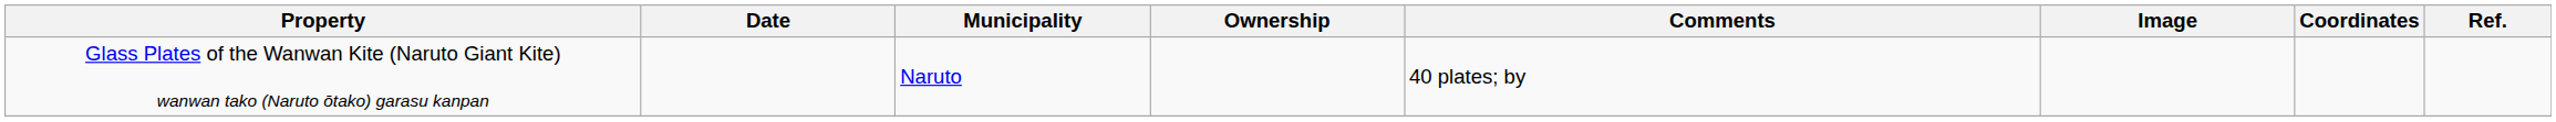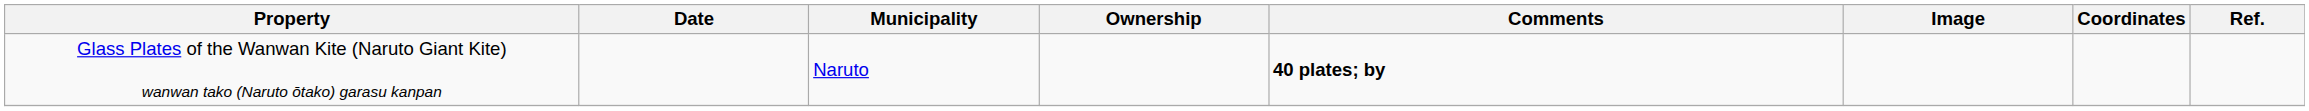 <table class="wikitable sortable"  style="width:100%;">
 <tr>
 <th width="25%" align="left">Property</th>
 <th width="10%" align="left">Date</th>
 <th width="10%" align="left">Municipality</th>
 <th width="10%" align="left">Ownership</th>
 <th width="25%" align="left" class="unsortable">Comments</th>
 <th width="10%" align="left" class="unsortable">Image</th>
 <th width="5%" align="left" class="unsortable">Coordinates</th>
 <th width="5%" align="left" class="unsortable">Ref.</th>
 </tr>
 <tr>
 <td align="center"><a href='#'>Glass Plates</a> of the Wanwan Kite (Naruto Giant Kite)<br><br><small><em>wanwan tako (Naruto ōtako) garasu kanpan</em></small></td>
 <td></td>
 <td><a href='#'>Naruto</a></td>
 <td></td>
-<td>40 plates;  by </td>
+<td><strong>40 plates;  by </strong></td>
 <td></td>
 <td></td>
 <td></td>
 </tr>
 <tr>
 </tr>
 </table>
